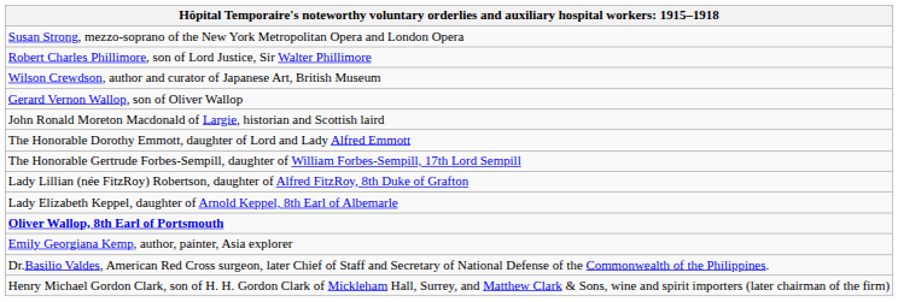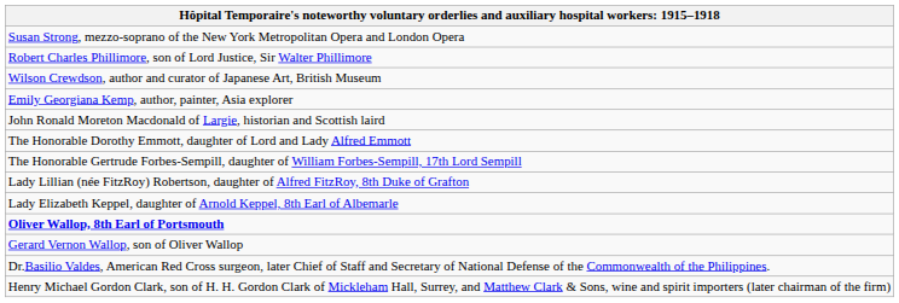 <table class="wikitable" border="1">
 <tr>
 <th>Hôpital Temporaire's noteworthy voluntary orderlies and auxiliary hospital workers: 1915–1918</th>
 </tr>
 <tr>
 <td><a href='#'>Susan Strong</a>, mezzo-soprano of the New York Metropolitan Opera and London Opera</td>
 </tr>
 <tr>
 <td><a href='#'>Robert Charles Phillimore</a>, son of Lord Justice, Sir <a href='#'>Walter Phillimore</a></td>
 </tr>
 <tr>
 <td><a href='#'>Wilson Crewdson</a>, author and curator of Japanese Art, British Museum</td>
 </tr>
 <tr>
-<td><a href='#'>Gerard Vernon Wallop</a>, son of Oliver Wallop</td>
+<td><a href='#'>Emily Georgiana Kemp</a>, author, painter, Asia explorer</td>
 </tr>
 <tr>
 <td>John Ronald Moreton Macdonald of <a href='#'>Largie</a>, historian and Scottish laird</td>
 </tr>
 <tr>
 <td>The Honorable Dorothy Emmott, daughter of Lord and Lady <a href='#'>Alfred Emmott</a></td>
 </tr>
 <tr>
 <td>The Honorable Gertrude Forbes-Sempill, daughter of <a href='#'>William Forbes-Sempill, 17th Lord Sempill</a></td>
 </tr>
 <tr>
 <td>Lady Lillian (née FitzRoy) Robertson, daughter of <a href='#'>Alfred FitzRoy, 8th Duke of Grafton</a></td>
 </tr>
 <tr>
 <td>Lady Elizabeth Keppel, daughter of <a href='#'>Arnold Keppel, 8th Earl of Albemarle</a></td>
 </tr>
 <tr>
 <td><strong><a href='#'>Oliver Wallop, 8th Earl of Portsmouth</a></strong></td>
 </tr>
 <tr>
-<td><a href='#'>Emily Georgiana Kemp</a>, author, painter, Asia explorer</td>
+<td><a href='#'>Gerard Vernon Wallop</a>, son of Oliver Wallop</td>
 </tr>
 <tr>
 <td>Dr.<a href='#'>Basilio Valdes</a>, American Red Cross surgeon, later Chief of Staff and Secretary of National Defense of the <a href='#'>Commonwealth of the Philippines</a>.</td>
 </tr>
 <tr>
 <td>Henry Michael Gordon Clark, son of H. H. Gordon Clark of <a href='#'>Mickleham</a> Hall, Surrey, and <a href='#'>Matthew Clark</a> & Sons, wine and spirit importers (later chairman of the firm)</td>
 </tr>
 </table>
